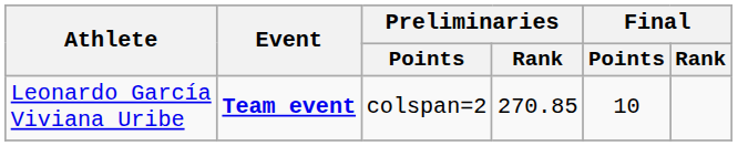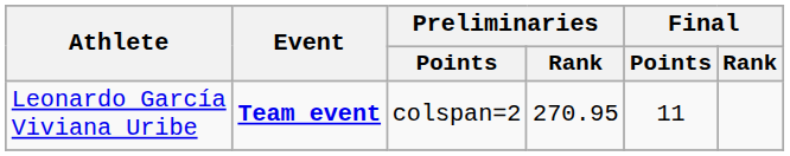 <table class="wikitable" style="text-align:center; font-size:90%">
 <tr>
 <th rowspan="2">Athlete</th>
 <th rowspan="2">Event</th>
 <th colspan="2">Preliminaries</th>
 <th colspan="2">Final</th>
 </tr>
 <tr style="font-size:95%">
 <th>Points</th>
 <th>Rank</th>
 <th>Points</th>
 <th>Rank</th>
 </tr>
 <tr>
 <td align=left><a href='#'>Leonardo García</a><br><a href='#'>Viviana Uribe</a></td>
 <td align=left><strong><a href='#'>Team event</a></strong></td>
 <td>colspan=2 </td>
-<td>270.85</td>
-<td>10</td>
+<td>270.95</td>
+<td>11</td>
 </tr>
 </table>
